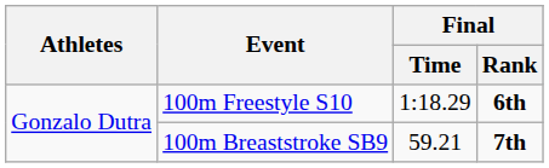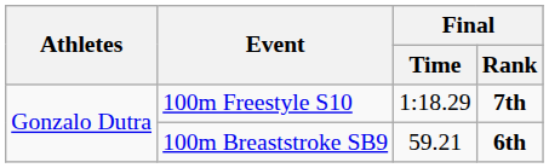 <table class="wikitable" border="1" style="font-size:90%">
 <tr>
 <th rowspan=2>Athletes</th>
 <th rowspan=2>Event</th>
 <th colspan=2>Final</th>
 </tr>
 <tr>
 <th>Time</th>
 <th>Rank</th>
 </tr>
 <tr>
 <td rowspan=2><a href='#'>Gonzalo Dutra</a></td>
 <td><a href='#'>100m Freestyle S10</a></td>
 <td align=center>1:18.29</td>
-<td align=center><strong>6th</strong></td>
+<td align=center><strong>7th</strong></td>
 </tr>
 <tr>
 <td><a href='#'>100m Breaststroke SB9</a></td>
 <td align=center>59.21</td>
-<td align=center><strong>7th</strong></td>
+<td align=center><strong>6th</strong></td>
 </tr>
 </table>
